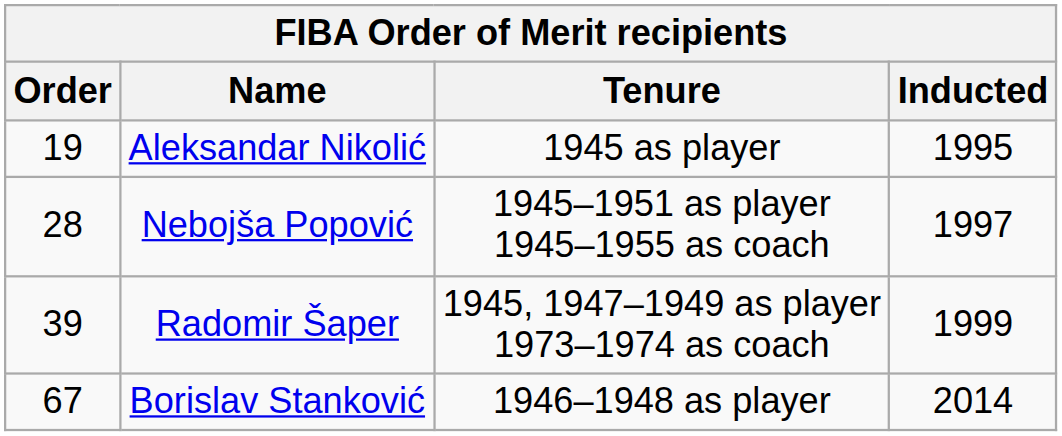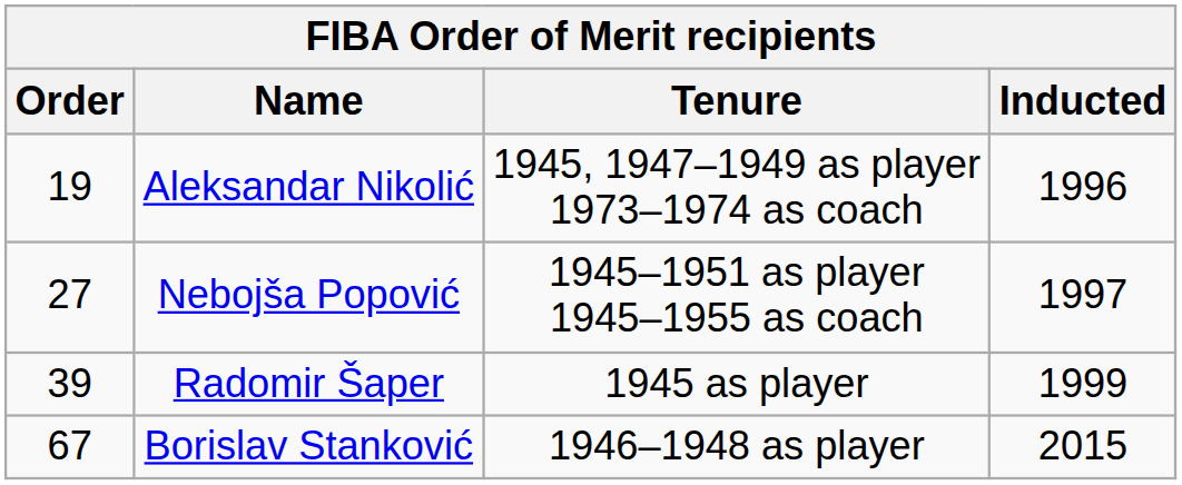 <table class="wikitable" style="text-align:center">
 <tr>
 <th colspan="5">FIBA Order of Merit recipients</th>
 </tr>
 <tr>
 <th>Order</th>
 <th>Name</th>
 <th>Tenure</th>
 <th>Inducted</th>
 </tr>
 <tr>
 <td>19</td>
 <td><a href='#'>Aleksandar Nikolić</a></td>
-<td>1945 as player</td>
-<td>1995</td>
+<td>1945, 1947–1949 as player<br>1973–1974 as coach</td>
+<td>1996</td>
 </tr>
 <tr>
-<td>28</td>
+<td>27</td>
 <td><a href='#'>Nebojša Popović</a></td>
 <td>1945–1951 as player<br>1945–1955 as coach</td>
 <td>1997</td>
 </tr>
 <tr>
 <td>39</td>
 <td><a href='#'>Radomir Šaper</a></td>
-<td>1945, 1947–1949 as player<br>1973–1974 as coach</td>
+<td>1945 as player</td>
 <td>1999</td>
 </tr>
 <tr>
 <td>67</td>
 <td><a href='#'>Borislav Stanković</a></td>
 <td>1946–1948 as player</td>
-<td>2014</td>
+<td>2015</td>
 </tr>
 </table>
